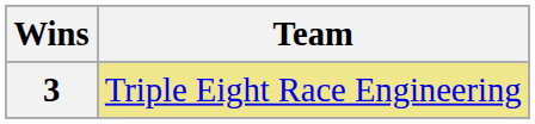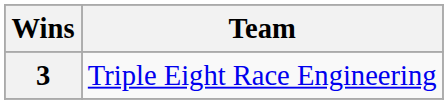 <table class="wikitable" style="font-size: 95%;">
 <tr>
 <th>Wins</th>
 <th>Team</th>
 </tr>
 <tr>
 <th>3</th>
-<td style="background: khaki;"><a href='#'>Triple Eight Race Engineering</a></td>
+<td><a href='#'>Triple Eight Race Engineering</a></td>
 </tr>
 </table>
